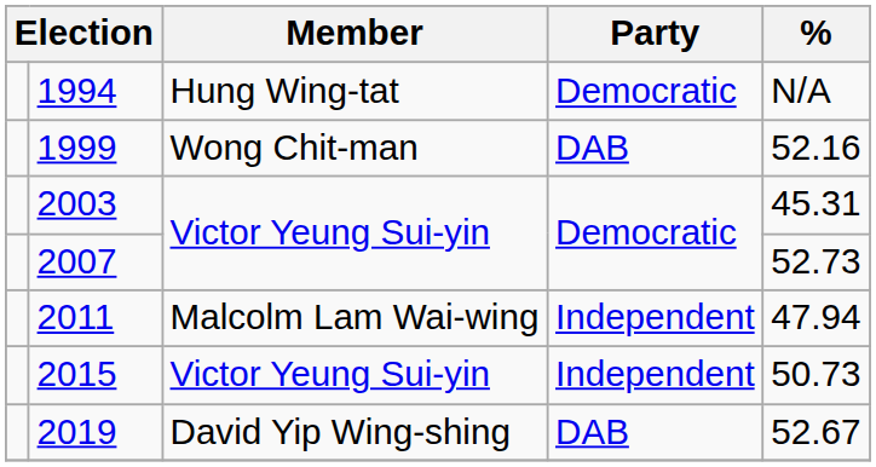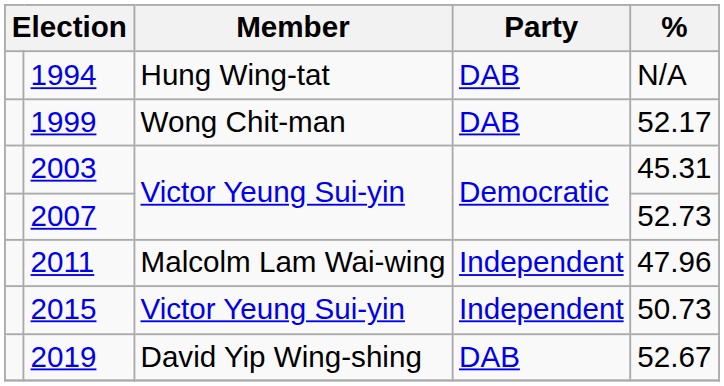 <table class="wikitable">
 <tr>
 <th colspan="2">Election</th>
 <th>Member</th>
 <th>Party</th>
 <th>%</th>
 </tr>
 <tr>
 <td style="background-color: "></td>
 <td><a href='#'>1994</a></td>
 <td>Hung Wing-tat</td>
-<td><a href='#'>Democratic</a></td>
+<td><a href='#'>DAB</a></td>
 <td>N/A</td>
 </tr>
 <tr>
 <td style="background-color: "></td>
 <td><a href='#'>1999</a></td>
 <td>Wong Chit-man</td>
 <td><a href='#'>DAB</a></td>
-<td>52.16</td>
+<td>52.17</td>
 </tr>
 <tr>
 <td style="background-color: "></td>
 <td><a href='#'>2003</a></td>
 <td rowspan=2><a href='#'>Victor Yeung Sui-yin</a></td>
 <td rowspan=2><a href='#'>Democratic</a></td>
 <td>45.31</td>
 </tr>
 <tr>
 <td style="background-color: "></td>
 <td><a href='#'>2007</a></td>
 <td>52.73</td>
 </tr>
 <tr>
 <td style="background-color: "></td>
 <td><a href='#'>2011</a></td>
 <td>Malcolm Lam Wai-wing</td>
 <td><a href='#'>Independent</a></td>
-<td>47.94</td>
+<td>47.96</td>
 </tr>
 <tr>
 <td style="background-color: "></td>
 <td><a href='#'>2015</a></td>
 <td><a href='#'>Victor Yeung Sui-yin</a></td>
 <td><a href='#'>Independent</a></td>
 <td>50.73</td>
 </tr>
 <tr>
 <td style="background-color: "></td>
 <td><a href='#'>2019</a></td>
 <td>David Yip Wing-shing</td>
 <td><a href='#'>DAB</a></td>
 <td>52.67</td>
 </tr>
 <tr>
 </tr>
 </table>
